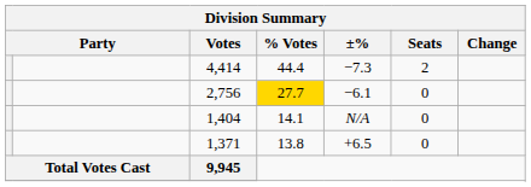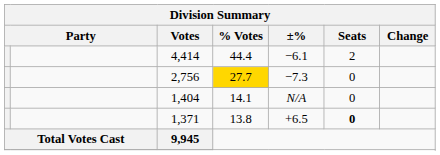 <table class="wikitable" style="font-size: 95%;">
 <tr>
 <th colspan="7">Division Summary</th>
 </tr>
 <tr>
 <th colspan="2">Party</th>
 <th style="width: 60px">Votes</th>
 <th style="width: 60px">% Votes</th>
 <th style="width: 60px">±%</th>
 <th style="width: 60px">Seats</th>
 <th style="width: 60px">Change</th>
 </tr>
 <tr>
 <th style="background-color: "></th>
 <td style="width: 170px"><a href='#'></a></td>
 <td align="center">4,414</td>
 <td align="center">44.4</td>
-<td align="center">−7.3</td>
+<td align="center">−6.1</td>
 <td align="center">2</td>
 <td align="center"></td>
 </tr>
 <tr>
 <th style="background-color: "></th>
 <td style="width: 170px"><a href='#'></a></td>
 <td align="center">2,756</td>
 <td align="center" style="background: gold;">27.7</td>
-<td align="center">−6.1</td>
+<td align="center">−7.3</td>
 <td align="center">0</td>
 <td align="center"></td>
 </tr>
 <tr>
 <th style="background-color: "></th>
 <td style="width: 170px"><a href='#'></a></td>
 <td align="center">1,404</td>
 <td align="center">14.1</td>
 <td align="center"><em>N/A</em></td>
 <td align="center">0</td>
 <td align="center"></td>
 </tr>
 <tr>
 <th style="background-color: "></th>
 <td style="width: 170px"><a href='#'></a></td>
 <td align="center">1,371</td>
 <td align="center">13.8</td>
 <td align="center">+6.5</td>
-<td align="center">0</td>
+<td align="center"><strong>0</strong></td>
 <td align="center"></td>
 </tr>
 <tr style="background-color:#E9E9E9">
 <th colspan="2">Total Votes Cast</th>
 <th style="width: 60px">9,945</th>
 </tr>
 <tr style="background-color:#E9E9E9">
 </tr>
 </table>
